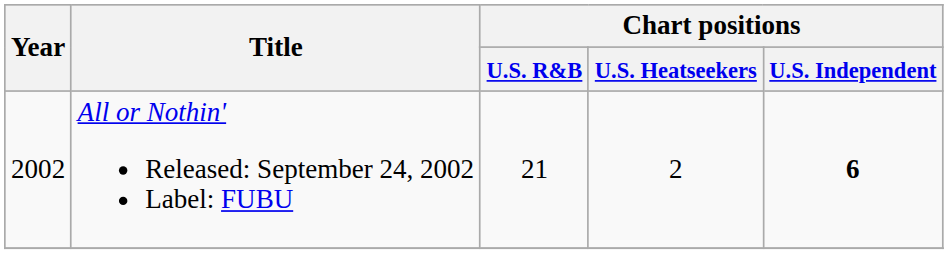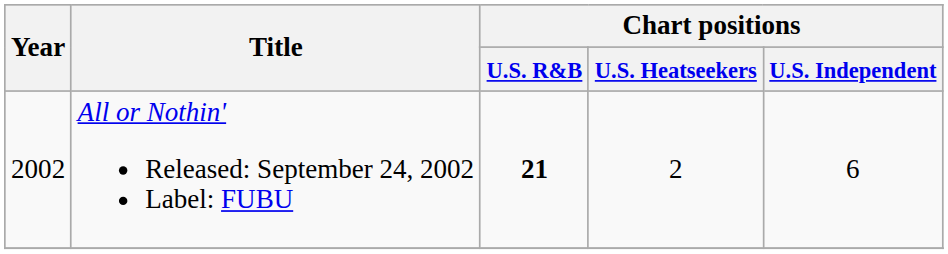 <table class="wikitable">
 <tr>
 <th rowspan="2">Year</th>
 <th rowspan="2">Title</th>
 <th colspan="3">Chart positions</th>
 </tr>
 <tr>
 <th><small><a href='#'>U.S. R&B</a></small></th>
 <th><small><a href='#'>U.S. Heatseekers</a></small></th>
 <th><small><a href='#'>U.S. Independent</a></small></th>
 </tr>
 <tr>
 <td>2002</td>
 <td><em><a href='#'>All or Nothin'</a></em><br><ul><li>Released: September 24, 2002</li><li>Label: <a href='#'>FUBU</a></li></ul></td>
-<td align="center">21</td>
+<td align="center"><strong>21</strong></td>
 <td align="center">2</td>
-<td align="center"><strong>6</strong></td>
+<td align="center">6</td>
 </tr>
 <tr>
 </tr>
 </table>
